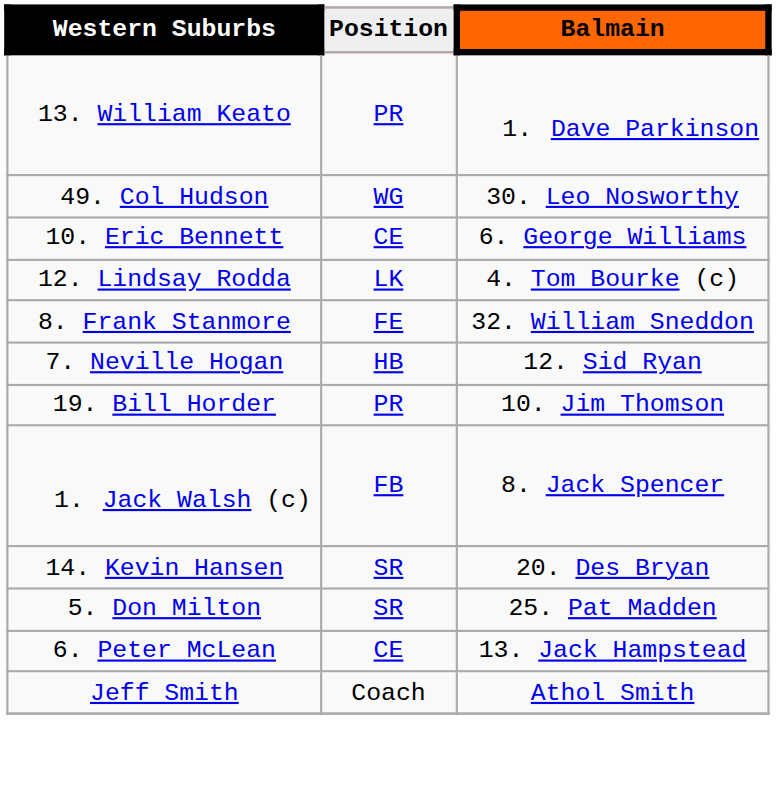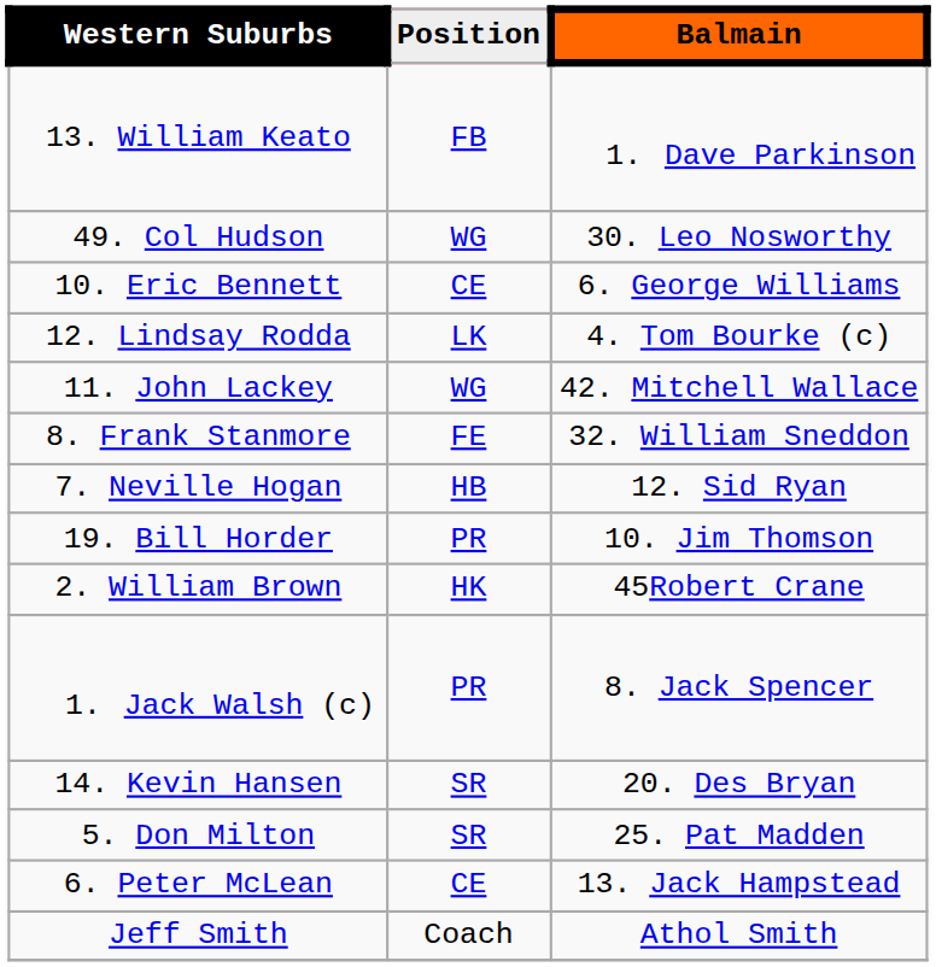 <table align="right" class="wikitable" style="font-size:90%; margin-left:1em">
 <tr bgcolor="#FF0033">
 <th style="width:140px; border:3px solid black; background: black; color: white">Western Suburbs</th>
 <th style="width:40px; text-align:center; background:#eee; color:black;">Position</th>
 <th style="width:140px; border:3px solid black; background: #f60; color: black">Balmain</th>
 </tr>
 <tr align=center>
 <td>13. <a href='#'>William Keato</a></td>
-<td><a href='#'>PR</a></td>
+<td><a href='#'>FB</a></td>
 <td><br><ol><li><a href='#'>Dave Parkinson</a></li></ol></td>
 </tr>
 <tr align=center>
 <td>49. <a href='#'>Col Hudson</a></td>
 <td><a href='#'>WG</a></td>
 <td>30. <a href='#'>Leo Nosworthy</a></td>
 </tr>
 <tr align=center>
 <td>10. <a href='#'>Eric Bennett</a></td>
 <td><a href='#'>CE</a></td>
 <td>6. <a href='#'>George Williams</a></td>
 </tr>
 <tr align=center>
 <td>12. <a href='#'>Lindsay Rodda</a></td>
 <td><a href='#'>LK</a></td>
 <td>4. <a href='#'>Tom Bourke</a> (c)</td>
 </tr>
 <tr align=center>
+<td>11. <a href='#'>John Lackey</a></td>
+<td><a href='#'>WG</a></td>
+<td>42. <a href='#'>Mitchell Wallace</a></td>
+</tr>
+<tr align=center>
 <td>8. <a href='#'>Frank Stanmore</a></td>
 <td><a href='#'>FE</a></td>
 <td>32. <a href='#'>William Sneddon</a></td>
 </tr>
 <tr align=center>
 <td>7. <a href='#'>Neville Hogan</a></td>
 <td><a href='#'>HB</a></td>
 <td>12. <a href='#'>Sid Ryan</a></td>
 </tr>
 <tr align=center>
 <td>19. <a href='#'>Bill Horder</a></td>
 <td><a href='#'>PR</a></td>
 <td>10. <a href='#'>Jim Thomson</a></td>
 </tr>
 <tr align=center>
+<td>2. <a href='#'>William Brown</a></td>
+<td><a href='#'>HK</a></td>
+<td>45<a href='#'>Robert Crane</a></td>
+</tr>
+<tr align=center>
 <td><br><ol><li><a href='#'>Jack Walsh</a> (c)</li></ol></td>
-<td><a href='#'>FB</a></td>
+<td><a href='#'>PR</a></td>
 <td>8. <a href='#'>Jack Spencer</a></td>
 </tr>
 <tr align=center>
 <td>14. <a href='#'>Kevin Hansen</a></td>
 <td><a href='#'>SR</a></td>
 <td>20. <a href='#'>Des Bryan</a></td>
 </tr>
 <tr align=center>
 <td>5. <a href='#'>Don Milton</a></td>
 <td><a href='#'>SR</a></td>
 <td>25. <a href='#'>Pat Madden</a></td>
 </tr>
 <tr align=center>
 <td>6. <a href='#'>Peter McLean</a></td>
 <td><a href='#'>CE</a></td>
 <td>13. <a href='#'>Jack Hampstead</a></td>
 </tr>
 <tr align=center>
 <td><a href='#'>Jeff Smith</a></td>
 <td>Coach</td>
 <td><a href='#'>Athol Smith</a></td>
 </tr>
 <tr>
 </tr>
 </table>
